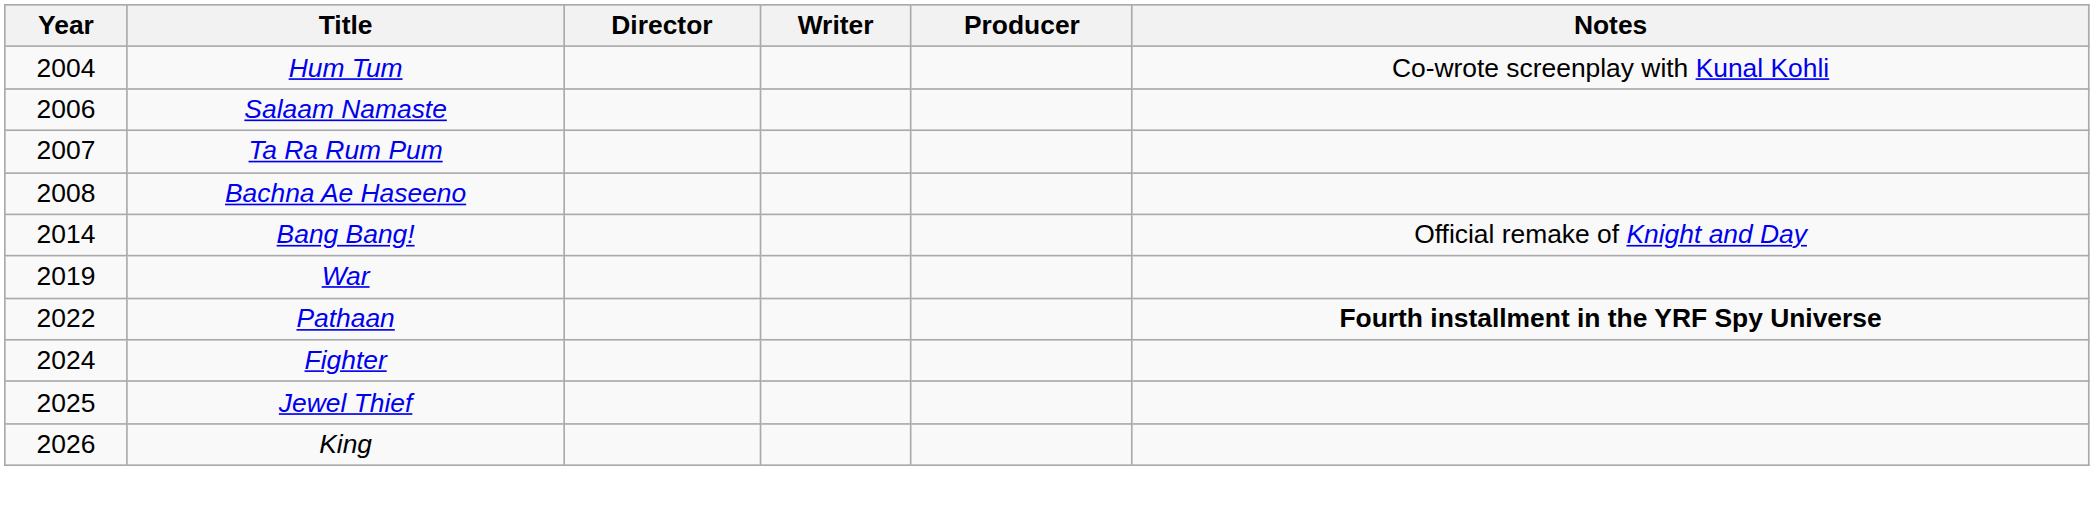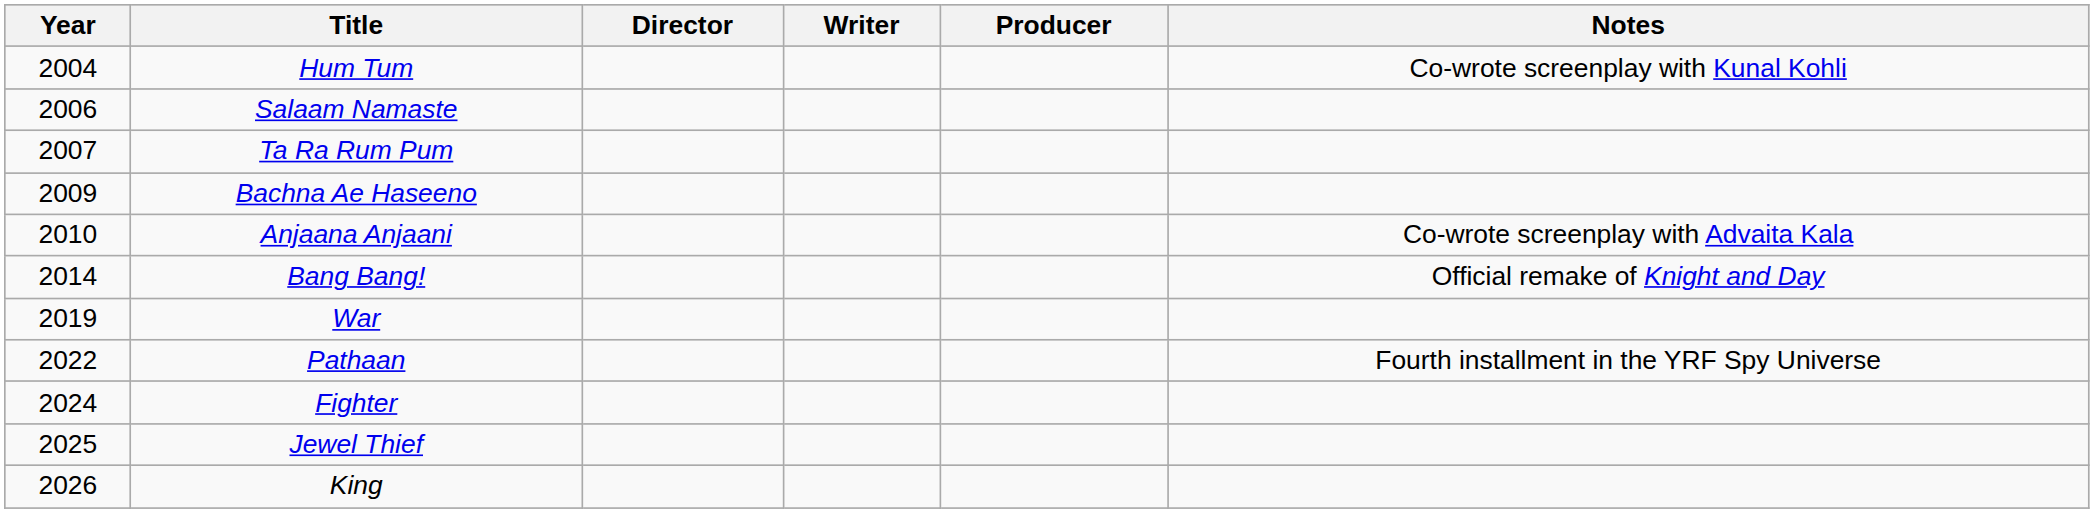 <table class="wikitable sortable" style="width: 100%; text-align: center;">
 <tr>
 <th scope="col">Year</th>
 <th scope="col">Title</th>
 <th scope="col">Director</th>
 <th scope="col">Writer</th>
 <th scope="col">Producer</th>
 <th scope="col" class="unsortable">Notes</th>
 </tr>
 <tr>
 <td>2004</td>
 <td style="text-align: center;"><em><a href='#'>Hum Tum</a></em></td>
 <td></td>
 <td></td>
 <td></td>
 <td style="text-align: center;">Co-wrote screenplay with <a href='#'>Kunal Kohli</a></td>
 </tr>
 <tr>
 <td>2006</td>
 <td style="text-align: center;"><em><a href='#'>Salaam Namaste</a></em></td>
 <td></td>
 <td></td>
 <td></td>
 <td></td>
 </tr>
 <tr>
 <td>2007</td>
 <td style="text-align: center;"><em><a href='#'>Ta Ra Rum Pum</a></em></td>
 <td></td>
 <td></td>
 <td></td>
 <td></td>
 </tr>
 <tr>
-<td>2008</td>
+<td>2009</td>
 <td style="text-align: center;"><em><a href='#'>Bachna Ae Haseeno</a></em></td>
 <td></td>
 <td></td>
 <td></td>
 <td></td>
+</tr>
+<tr>
+<td>2010</td>
+<td style="text-align: center;"><em><a href='#'>Anjaana Anjaani</a></em></td>
+<td></td>
+<td></td>
+<td></td>
+<td style="text-align: center;">Co-wrote screenplay with <a href='#'>Advaita Kala</a></td>
 </tr>
 <tr>
 <td>2014</td>
 <td style="text-align: center;"><em><a href='#'>Bang Bang!</a></em></td>
 <td></td>
 <td></td>
 <td></td>
 <td style="text-align: center;">Official remake of <em><a href='#'>Knight and Day</a></em></td>
 </tr>
 <tr>
 <td>2019</td>
 <td style="text-align: center;"><em><a href='#'>War</a></em></td>
 <td></td>
 <td></td>
 <td></td>
 <td style="text-align: center;"></td>
 </tr>
 <tr>
 <td>2022</td>
 <td style="text-align: center;"><em><a href='#'>Pathaan</a></em></td>
 <td></td>
 <td></td>
 <td></td>
-<td style="text-align: center;"><strong>Fourth installment in the YRF Spy Universe</strong></td>
+<td style="text-align: center;">Fourth installment in the YRF Spy Universe</td>
 </tr>
 <tr>
 <td>2024</td>
 <td style="text-align: center;"><em><a href='#'>Fighter</a></em></td>
 <td></td>
 <td></td>
 <td></td>
 <td style="text-align: center;"></td>
 </tr>
 <tr>
 <td>2025</td>
 <td style="text-align: center;"><em><a href='#'>Jewel Thief</a></em></td>
 <td></td>
 <td></td>
 <td></td>
 <td style="text-align: center;"></td>
 </tr>
 <tr>
 <td>2026</td>
 <td style="text-align: center;"><em>King</em></td>
 <td></td>
 <td></td>
 <td></td>
 <td style="text-align: center;"></td>
 </tr>
 </table>
